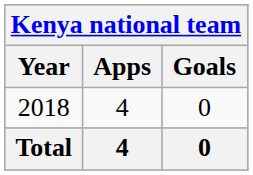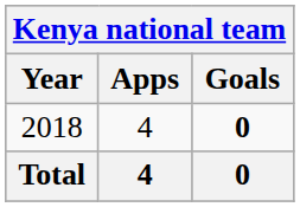 <table class="wikitable" style="text-align:center">
 <tr>
 <th colspan=3><a href='#'>Kenya national team</a></th>
 </tr>
 <tr>
 <th>Year</th>
 <th>Apps</th>
 <th>Goals</th>
 </tr>
 <tr>
 <td>2018</td>
 <td>4</td>
-<td>0</td>
+<td><strong>0</strong></td>
 </tr>
 <tr>
 <th>Total</th>
 <th>4</th>
 <th>0</th>
 </tr>
 </table>
